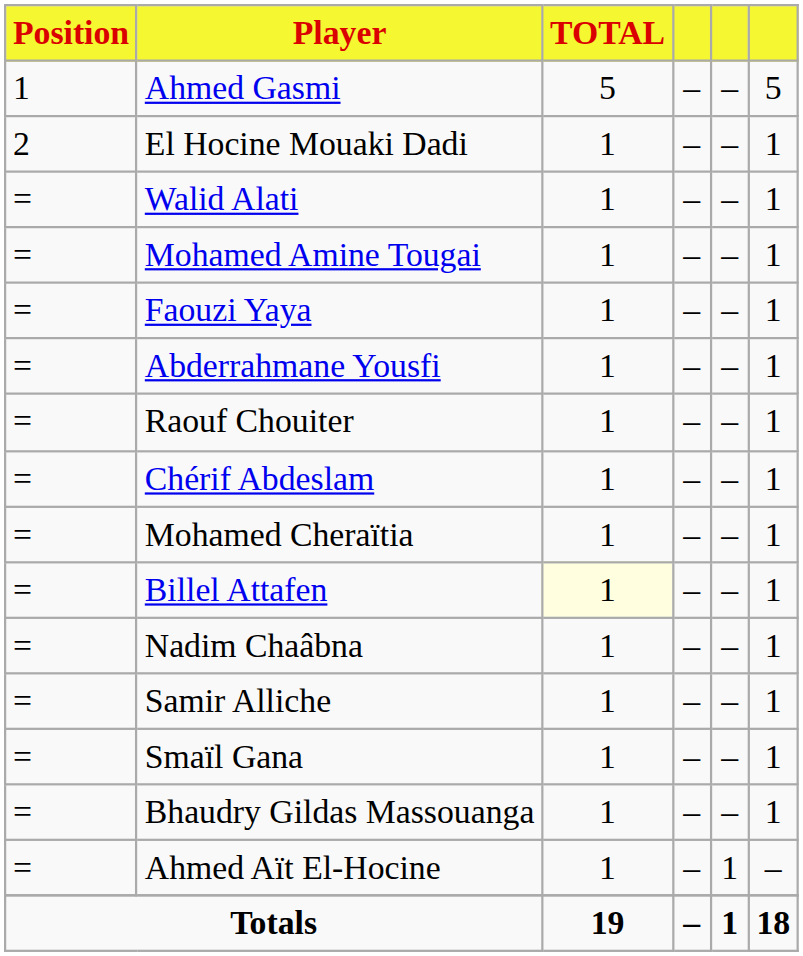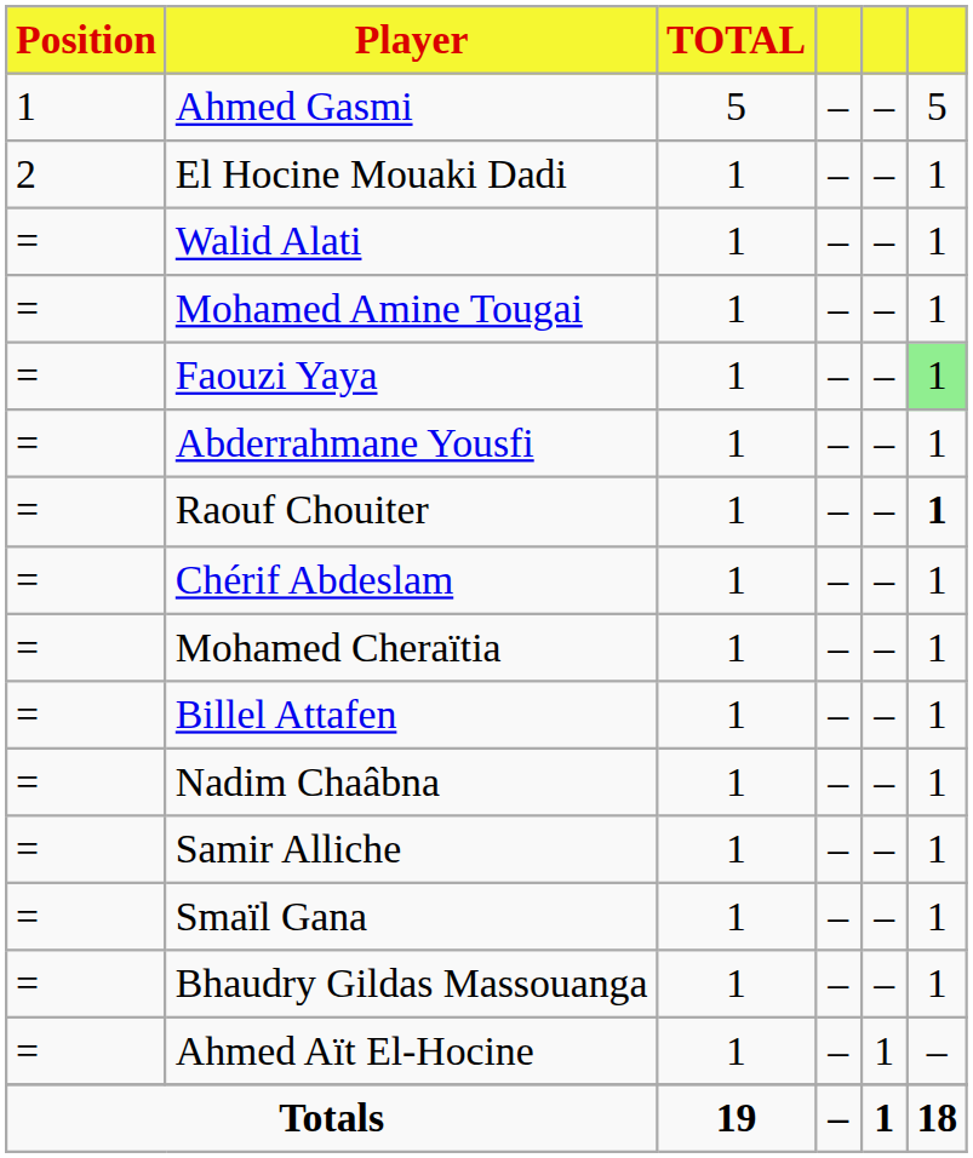 <table border="0" class="wikitable" style="text-align:center;font-size:95%">
 <tr>
 <th scope=col style="color:#DA0101; background:#F5F731;">Position</th>
 <th scope=col style="color:#DA0101; background:#F5F731;">Player</th>
 <th scope=col style="color:#DA0101; background:#F5F731;">TOTAL</th>
 <th scope=col style="color:#DA0101; background:#F5F731;" width=10><a href='#'></a></th>
 <th scope=col style="color:#DA0101; background:#F5F731;" width=10><a href='#'></a></th>
 <th scope=col style="color:#DA0101; background:#F5F731;" width=10><a href='#'></a></th>
 </tr>
 <tr>
 <td align=left>1</td>
 <td align=left> <a href='#'>Ahmed Gasmi</a></td>
 <td align=center>5</td>
 <td>–</td>
 <td>–</td>
 <td>5</td>
 </tr>
 <tr>
 <td align=left>2</td>
 <td align=left> El Hocine Mouaki Dadi</td>
 <td align=center>1</td>
 <td>–</td>
 <td>–</td>
 <td>1</td>
 </tr>
 <tr>
 <td align=left>=</td>
 <td align=left> <a href='#'>Walid Alati</a></td>
 <td align=center>1</td>
 <td>–</td>
 <td>–</td>
 <td>1</td>
 </tr>
 <tr>
 <td align=left>=</td>
 <td align=left> <a href='#'>Mohamed Amine Tougai</a></td>
 <td align=center>1</td>
 <td>–</td>
 <td>–</td>
 <td>1</td>
 </tr>
 <tr>
 <td align=left>=</td>
 <td align=left> <a href='#'>Faouzi Yaya</a></td>
 <td align=center>1</td>
 <td>–</td>
 <td>–</td>
-<td>1</td>
+<td style="background: lightgreen;">1</td>
 </tr>
 <tr>
 <td align=left>=</td>
 <td align=left> <a href='#'>Abderrahmane Yousfi</a></td>
 <td align=center>1</td>
 <td>–</td>
 <td>–</td>
 <td>1</td>
 </tr>
 <tr>
 <td align=left>=</td>
 <td align=left> Raouf Chouiter</td>
 <td align=center>1</td>
 <td>–</td>
 <td>–</td>
-<td>1</td>
+<td><strong>1</strong></td>
 </tr>
 <tr>
 <td align=left>=</td>
 <td align=left> <a href='#'>Chérif Abdeslam</a></td>
 <td align=center>1</td>
 <td>–</td>
 <td>–</td>
 <td>1</td>
 </tr>
 <tr>
 <td align=left>=</td>
 <td align=left> Mohamed Cheraïtia</td>
 <td align=center>1</td>
 <td>–</td>
 <td>–</td>
 <td>1</td>
 </tr>
 <tr>
 <td align=left>=</td>
 <td align=left> <a href='#'>Billel Attafen</a></td>
-<td align=center style="background: lightyellow;">1</td>
+<td align=center>1</td>
 <td>–</td>
 <td>–</td>
 <td>1</td>
 </tr>
 <tr>
 <td align=left>=</td>
 <td align=left> Nadim Chaâbna</td>
 <td align=center>1</td>
 <td>–</td>
 <td>–</td>
 <td>1</td>
 </tr>
 <tr>
 <td align=left>=</td>
 <td align=left> Samir Alliche</td>
 <td align=center>1</td>
 <td>–</td>
 <td>–</td>
 <td>1</td>
 </tr>
 <tr>
 <td align=left>=</td>
 <td align=left> Smaïl Gana</td>
 <td align=center>1</td>
 <td>–</td>
 <td>–</td>
 <td>1</td>
 </tr>
 <tr>
 <td align=left>=</td>
 <td align=left> Bhaudry Gildas Massouanga</td>
 <td align=center>1</td>
 <td>–</td>
 <td>–</td>
 <td>1</td>
 </tr>
 <tr>
 <td align=left>=</td>
 <td align=left> Ahmed Aït El-Hocine</td>
 <td align=center>1</td>
 <td>–</td>
 <td>1</td>
 <td>–</td>
 </tr>
 <tr>
 </tr>
 <tr class="sortbottom">
 <td colspan="2"><strong>Totals</strong></td>
 <td align=center><strong>19</strong></td>
 <td><strong>–</strong></td>
 <td><strong>1</strong></td>
 <td><strong>18</strong></td>
 </tr>
 </table>
